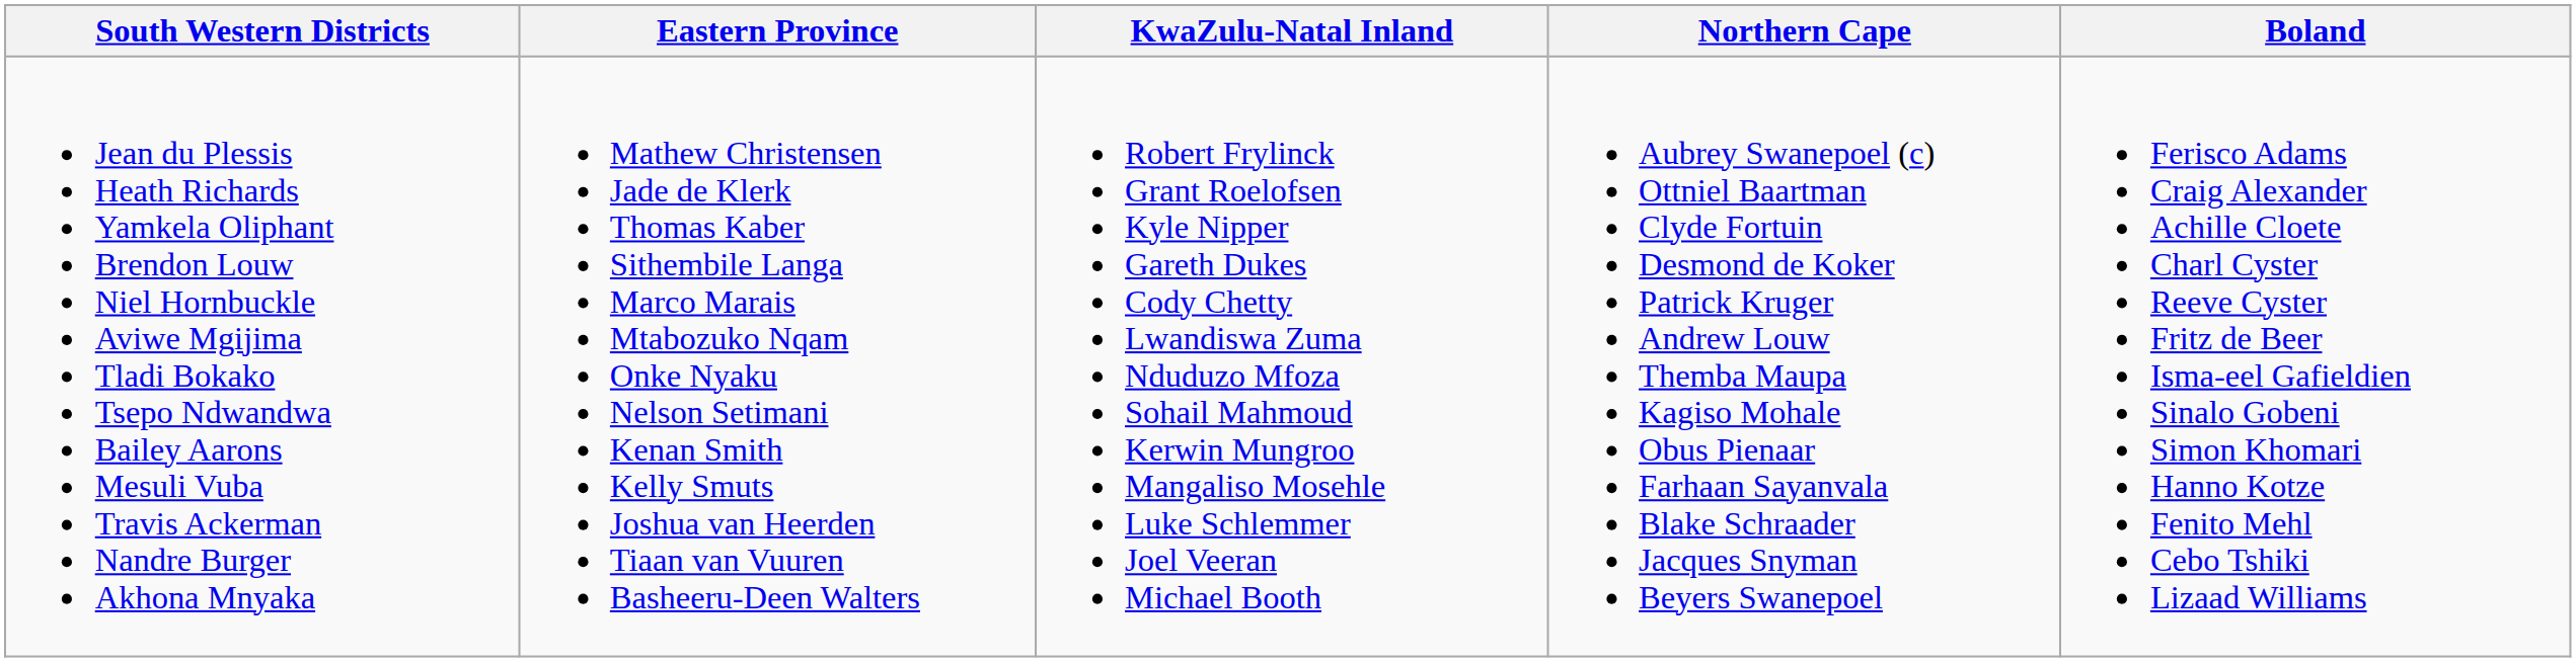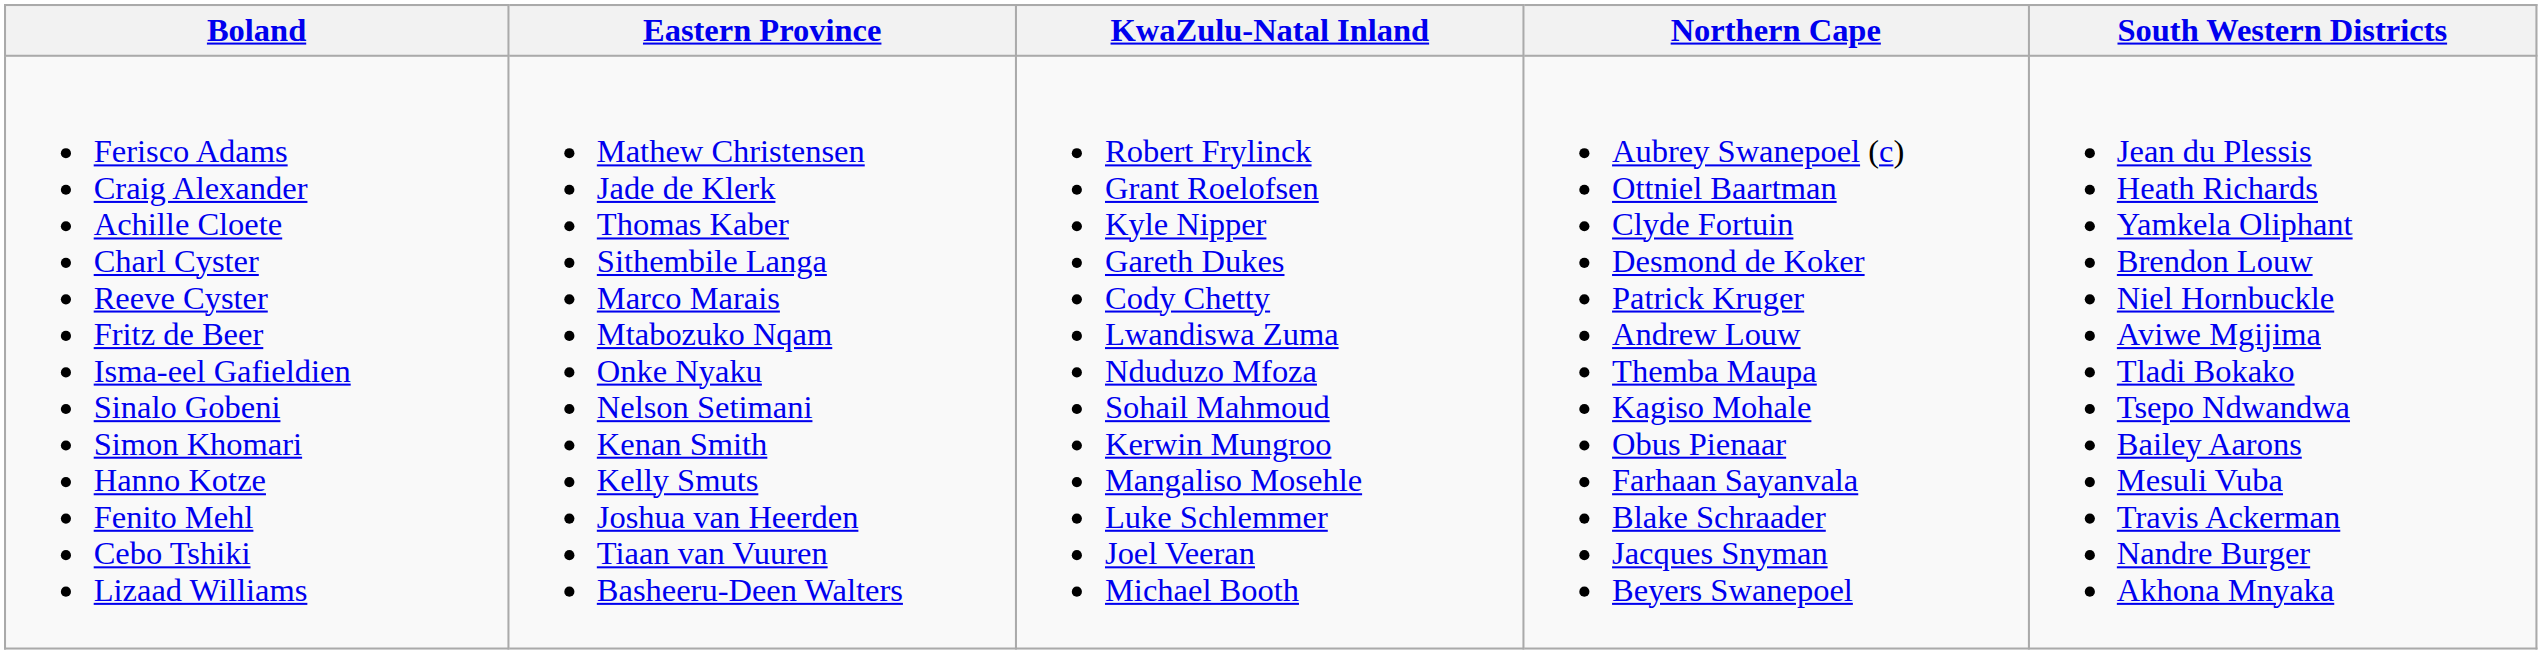 <table class="wikitable">
 <tr>
-<th width=300><a href='#'>South Western Districts</a></th>
+<th width=300><a href='#'>Boland</a></th>
 <th width=300><a href='#'>Eastern Province</a></th>
 <th width=300><a href='#'>KwaZulu-Natal Inland</a></th>
 <th width=300><a href='#'>Northern Cape</a></th>
-<th width=300><a href='#'>Boland</a></th>
+<th width=300><a href='#'>South Western Districts</a></th>
 </tr>
 <tr>
-<td><br><ul><li><a href='#'>Jean du Plessis</a></li><li><a href='#'>Heath Richards</a></li><li><a href='#'>Yamkela Oliphant</a></li><li><a href='#'>Brendon Louw</a></li><li><a href='#'>Niel Hornbuckle</a></li><li><a href='#'>Aviwe Mgijima</a></li><li><a href='#'>Tladi Bokako</a></li><li><a href='#'>Tsepo Ndwandwa</a></li><li><a href='#'>Bailey Aarons</a></li><li><a href='#'>Mesuli Vuba</a></li><li><a href='#'>Travis Ackerman</a></li><li><a href='#'>Nandre Burger</a></li><li><a href='#'>Akhona Mnyaka</a></li></ul></td>
+<td valign=top><br><ul><li><a href='#'>Ferisco Adams</a></li><li><a href='#'>Craig Alexander</a></li><li><a href='#'>Achille Cloete</a></li><li><a href='#'>Charl Cyster</a></li><li><a href='#'>Reeve Cyster</a></li><li><a href='#'>Fritz de Beer</a></li><li><a href='#'>Isma-eel Gafieldien</a></li><li><a href='#'>Sinalo Gobeni</a></li><li><a href='#'>Simon Khomari</a></li><li><a href='#'>Hanno Kotze</a></li><li><a href='#'>Fenito Mehl</a></li><li><a href='#'>Cebo Tshiki</a></li><li><a href='#'>Lizaad Williams</a></li></ul></td>
 <td><br><ul><li><a href='#'>Mathew Christensen</a></li><li><a href='#'>Jade de Klerk</a></li><li><a href='#'>Thomas Kaber</a></li><li><a href='#'>Sithembile Langa</a></li><li><a href='#'>Marco Marais</a></li><li><a href='#'>Mtabozuko Nqam</a></li><li><a href='#'>Onke Nyaku</a></li><li><a href='#'>Nelson Setimani</a></li><li><a href='#'>Kenan Smith</a></li><li><a href='#'>Kelly Smuts</a></li><li><a href='#'>Joshua van Heerden</a></li><li><a href='#'>Tiaan van Vuuren</a></li><li><a href='#'>Basheeru-Deen Walters</a></li></ul></td>
 <td><br><ul><li><a href='#'>Robert Frylinck</a></li><li><a href='#'>Grant Roelofsen</a></li><li><a href='#'>Kyle Nipper</a></li><li><a href='#'>Gareth Dukes</a></li><li><a href='#'>Cody Chetty</a></li><li><a href='#'>Lwandiswa Zuma</a></li><li><a href='#'>Nduduzo Mfoza</a></li><li><a href='#'>Sohail Mahmoud</a></li><li><a href='#'>Kerwin Mungroo</a></li><li><a href='#'>Mangaliso Mosehle</a></li><li><a href='#'>Luke Schlemmer</a></li><li><a href='#'>Joel Veeran</a></li><li><a href='#'>Michael Booth</a></li></ul></td>
 <td><br><ul><li><a href='#'>Aubrey Swanepoel</a> (<a href='#'>c</a>)</li><li><a href='#'>Ottniel Baartman</a></li><li><a href='#'>Clyde Fortuin</a></li><li><a href='#'>Desmond de Koker</a></li><li><a href='#'>Patrick Kruger</a></li><li><a href='#'>Andrew Louw</a></li><li><a href='#'>Themba Maupa</a></li><li><a href='#'>Kagiso Mohale</a></li><li><a href='#'>Obus Pienaar</a></li><li><a href='#'>Farhaan Sayanvala</a></li><li><a href='#'>Blake Schraader</a></li><li><a href='#'>Jacques Snyman</a></li><li><a href='#'>Beyers Swanepoel</a></li></ul></td>
-<td valign=top><br><ul><li><a href='#'>Ferisco Adams</a></li><li><a href='#'>Craig Alexander</a></li><li><a href='#'>Achille Cloete</a></li><li><a href='#'>Charl Cyster</a></li><li><a href='#'>Reeve Cyster</a></li><li><a href='#'>Fritz de Beer</a></li><li><a href='#'>Isma-eel Gafieldien</a></li><li><a href='#'>Sinalo Gobeni</a></li><li><a href='#'>Simon Khomari</a></li><li><a href='#'>Hanno Kotze</a></li><li><a href='#'>Fenito Mehl</a></li><li><a href='#'>Cebo Tshiki</a></li><li><a href='#'>Lizaad Williams</a></li></ul></td>
+<td><br><ul><li><a href='#'>Jean du Plessis</a></li><li><a href='#'>Heath Richards</a></li><li><a href='#'>Yamkela Oliphant</a></li><li><a href='#'>Brendon Louw</a></li><li><a href='#'>Niel Hornbuckle</a></li><li><a href='#'>Aviwe Mgijima</a></li><li><a href='#'>Tladi Bokako</a></li><li><a href='#'>Tsepo Ndwandwa</a></li><li><a href='#'>Bailey Aarons</a></li><li><a href='#'>Mesuli Vuba</a></li><li><a href='#'>Travis Ackerman</a></li><li><a href='#'>Nandre Burger</a></li><li><a href='#'>Akhona Mnyaka</a></li></ul></td>
 </tr>
 </table>
